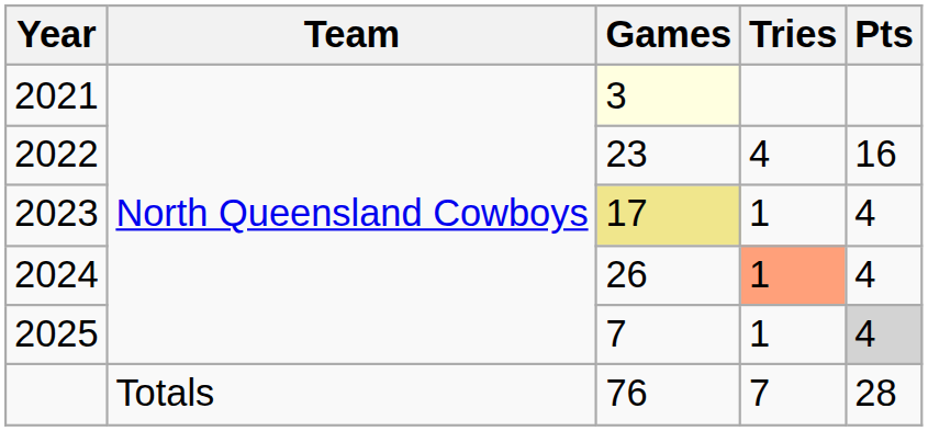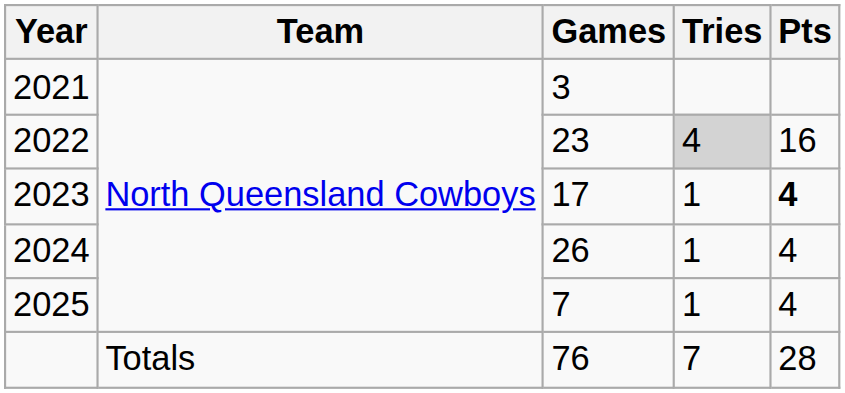 <table class="wikitable">
 <tr>
 <th>Year</th>
 <th>Team</th>
 <th>Games</th>
 <th>Tries</th>
 <th>Pts</th>
 </tr>
 <tr>
 <td>2021</td>
 <td rowspan="5"> <a href='#'>North Queensland Cowboys</a></td>
-<td style="background: lightyellow;">3</td>
+<td>3</td>
 <td></td>
 <td></td>
 </tr>
 <tr>
 <td>2022</td>
 <td>23</td>
-<td>4</td>
+<td style="background: lightgrey;">4</td>
 <td>16</td>
 </tr>
 <tr>
 <td>2023</td>
-<td style="background: khaki;">17</td>
+<td>17</td>
 <td>1</td>
-<td>4</td>
+<td><strong>4</strong></td>
 </tr>
 <tr>
 <td>2024</td>
 <td>26</td>
-<td style="background: lightsalmon;">1</td>
+<td>1</td>
 <td>4</td>
 </tr>
 <tr>
 <td>2025</td>
 <td>7</td>
 <td>1</td>
-<td style="background: lightgrey;">4</td>
+<td>4</td>
 </tr>
 <tr>
 <td></td>
 <td>Totals</td>
 <td>76</td>
 <td>7</td>
 <td>28</td>
 </tr>
 </table>
